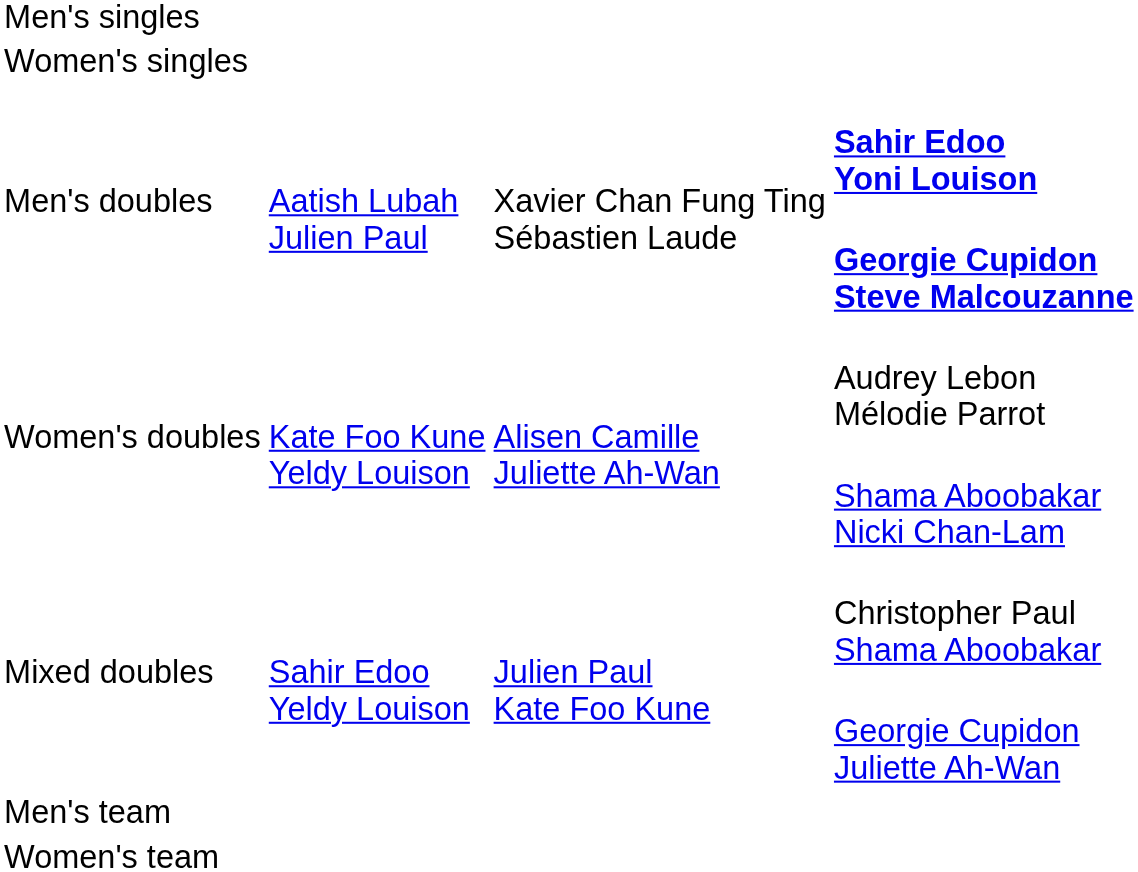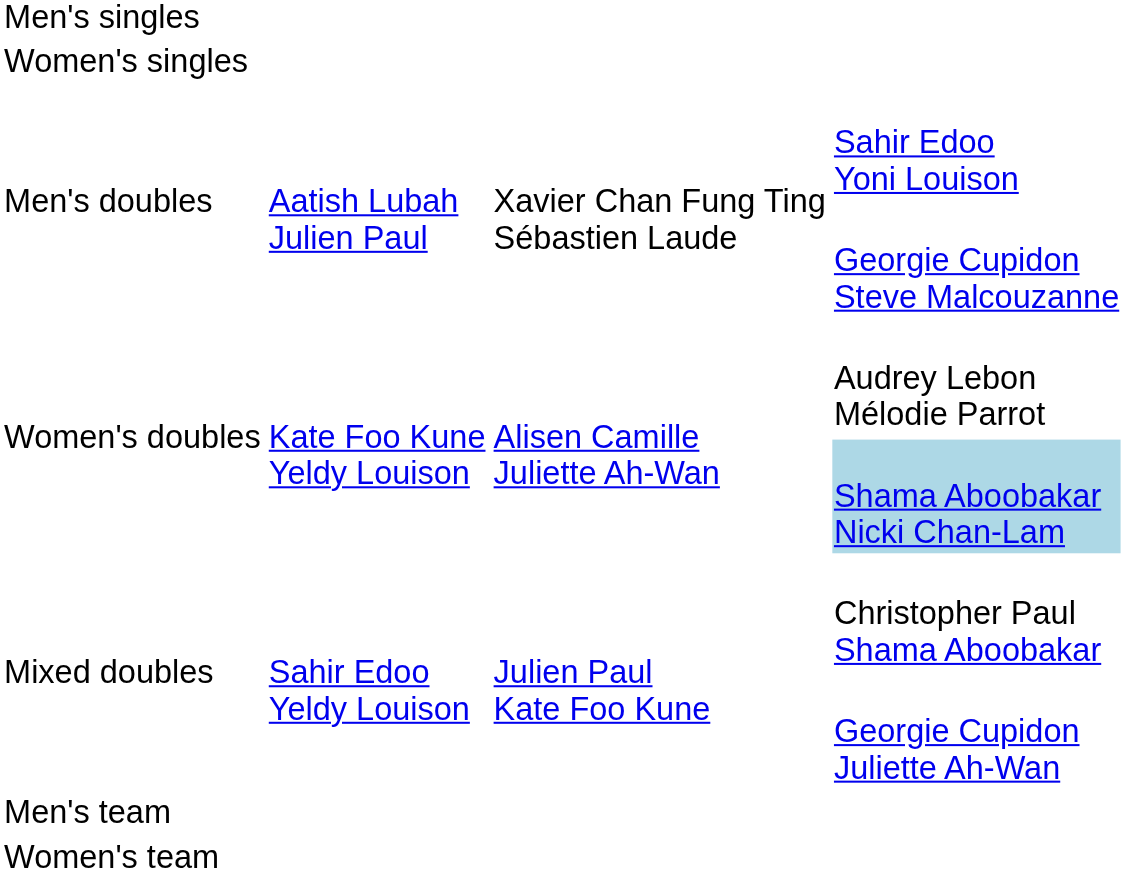 <table>
 <tr>
 <td rowspan=2>Men's singles</td>
 <td rowspan=2></td>
 <td rowspan=2></td>
 <td></td>
 </tr>
 <tr>
 <td></td>
 </tr>
 <tr>
 <td rowspan=2>Women's singles</td>
 <td rowspan=2></td>
 <td rowspan=2></td>
 <td></td>
 </tr>
 <tr>
 <td></td>
 </tr>
 <tr>
 <td rowspan=2>Men's doubles</td>
 <td rowspan=2><br><a href='#'>Aatish Lubah</a><br><a href='#'>Julien Paul</a></td>
 <td rowspan=2><br>Xavier Chan Fung Ting<br>Sébastien Laude</td>
-<td><strong><br><a href='#'>Sahir Edoo</a><br><a href='#'>Yoni Louison</a></strong></td>
+<td><br><a href='#'>Sahir Edoo</a><br><a href='#'>Yoni Louison</a></td>
 </tr>
 <tr>
-<td><strong><br><a href='#'>Georgie Cupidon</a><br><a href='#'>Steve Malcouzanne</a></strong></td>
+<td><br><a href='#'>Georgie Cupidon</a><br><a href='#'>Steve Malcouzanne</a></td>
 </tr>
 <tr>
 <td rowspan=2>Women's doubles</td>
 <td rowspan=2><br><a href='#'>Kate Foo Kune</a><br><a href='#'>Yeldy Louison</a></td>
 <td rowspan=2><br><a href='#'>Alisen Camille</a><br><a href='#'>Juliette Ah-Wan</a></td>
 <td><br>Audrey Lebon<br>Mélodie Parrot</td>
 </tr>
 <tr>
-<td><br><a href='#'>Shama Aboobakar</a><br><a href='#'>Nicki Chan-Lam</a></td>
+<td style="background: lightblue;"><br><a href='#'>Shama Aboobakar</a><br><a href='#'>Nicki Chan-Lam</a></td>
 </tr>
 <tr>
 <td rowspan=2>Mixed doubles</td>
 <td rowspan=2><br><a href='#'>Sahir Edoo</a><br><a href='#'>Yeldy Louison</a></td>
 <td rowspan=2><br><a href='#'>Julien Paul</a><br><a href='#'>Kate Foo Kune</a></td>
 <td><br>Christopher Paul<br><a href='#'>Shama Aboobakar</a></td>
 </tr>
 <tr>
 <td><br><a href='#'>Georgie Cupidon</a><br><a href='#'>Juliette Ah-Wan</a></td>
 </tr>
 <tr>
 <td rowspan=2>Men's team</td>
 <td rowspan=2></td>
 <td rowspan=2></td>
 <td></td>
 </tr>
 <tr>
 <td></td>
 </tr>
 <tr>
 <td rowspan=2>Women's team</td>
 <td rowspan=2></td>
 <td rowspan=2></td>
 <td></td>
 </tr>
 <tr>
 <td></td>
 </tr>
 </table>
